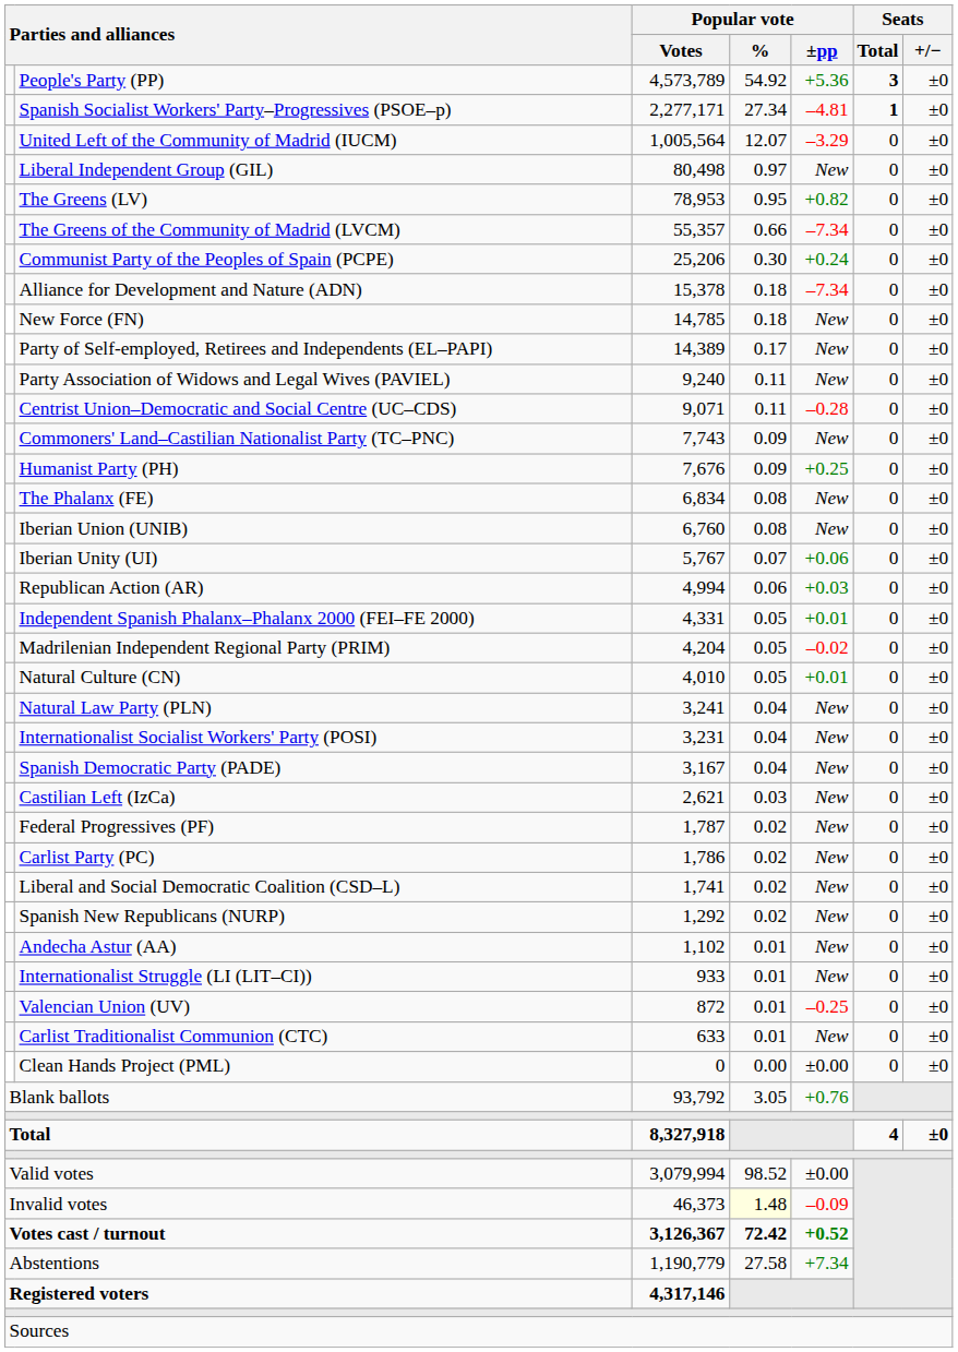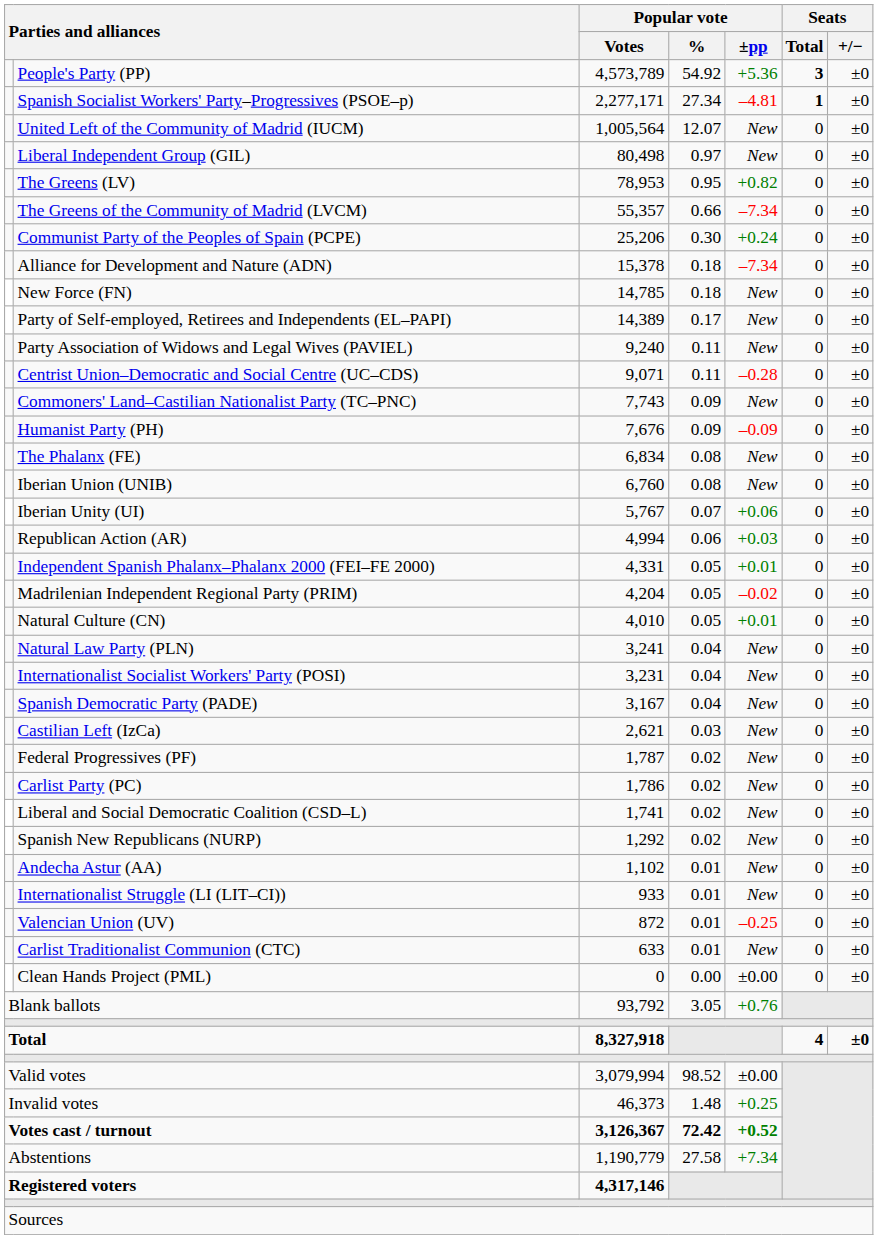 <table class="wikitable" style="text-align:right;">
 <tr>
 <th style="text-align:left;" rowspan="2" colspan="2" width="525">Parties and alliances</th>
 <th colspan="3">Popular vote</th>
 <th colspan="2">Seats</th>
 </tr>
 <tr>
 <th width="75">Votes</th>
 <th width="45">%</th>
 <th width="45">±<a href='#'>pp</a></th>
 <th width="35">Total</th>
 <th width="35">+/−</th>
 </tr>
 <tr>
 <td width="1" style="color:inherit;background:"></td>
 <td align="left"><a href='#'>People's Party</a> (PP)</td>
 <td>4,573,789</td>
 <td>54.92</td>
 <td style="color:green;">+5.36</td>
 <td><strong>3</strong></td>
 <td>±0</td>
 </tr>
 <tr>
 <td style="color:inherit;background:"></td>
 <td align="left"><a href='#'>Spanish Socialist Workers' Party</a>–<a href='#'>Progressives</a> (PSOE–p)</td>
 <td>2,277,171</td>
 <td>27.34</td>
 <td style="color:red;">–4.81</td>
 <td><strong>1</strong></td>
 <td>±0</td>
 </tr>
 <tr>
 <td style="color:inherit;background:"></td>
 <td align="left"><a href='#'>United Left of the Community of Madrid</a> (IUCM)</td>
 <td>1,005,564</td>
 <td>12.07</td>
-<td style="color:red;">–3.29</td>
+<td><em>New</em></td>
 <td>0</td>
 <td>±0</td>
 </tr>
 <tr>
 <td style="color:inherit;background:"></td>
 <td align="left"><a href='#'>Liberal Independent Group</a> (GIL)</td>
 <td>80,498</td>
 <td>0.97</td>
 <td><em>New</em></td>
 <td>0</td>
 <td>±0</td>
 </tr>
 <tr>
 <td style="color:inherit;background:"></td>
 <td align="left"><a href='#'>The Greens</a> (LV)</td>
 <td>78,953</td>
 <td>0.95</td>
 <td style="color:green;">+0.82</td>
 <td>0</td>
 <td>±0</td>
 </tr>
 <tr>
 <td style="color:inherit;background:"></td>
 <td align="left"><a href='#'>The Greens of the Community of Madrid</a> (LVCM)</td>
 <td>55,357</td>
 <td>0.66</td>
 <td style="color:red;">–7.34</td>
 <td>0</td>
 <td>±0</td>
 </tr>
 <tr>
 <td style="color:inherit;background:"></td>
 <td align="left"><a href='#'>Communist Party of the Peoples of Spain</a> (PCPE)</td>
 <td>25,206</td>
 <td>0.30</td>
 <td style="color:green;">+0.24</td>
 <td>0</td>
 <td>±0</td>
 </tr>
 <tr>
 <td style="color:inherit;background:"></td>
 <td align="left">Alliance for Development and Nature (ADN)</td>
 <td>15,378</td>
 <td>0.18</td>
 <td style="color:red;">–7.34</td>
 <td>0</td>
 <td>±0</td>
 </tr>
 <tr>
 <td bgcolor="white"></td>
 <td align="left">New Force (FN)</td>
 <td>14,785</td>
 <td>0.18</td>
 <td><em>New</em></td>
 <td>0</td>
 <td>±0</td>
 </tr>
 <tr>
 <td bgcolor="white"></td>
 <td align="left">Party of Self-employed, Retirees and Independents (EL–PAPI)</td>
 <td>14,389</td>
 <td>0.17</td>
 <td><em>New</em></td>
 <td>0</td>
 <td>±0</td>
 </tr>
 <tr>
 <td style="color:inherit;background:"></td>
 <td align="left">Party Association of Widows and Legal Wives (PAVIEL)</td>
 <td>9,240</td>
 <td>0.11</td>
 <td><em>New</em></td>
 <td>0</td>
 <td>±0</td>
 </tr>
 <tr>
 <td style="color:inherit;background:"></td>
 <td align="left"><a href='#'>Centrist Union–Democratic and Social Centre</a> (UC–CDS)</td>
 <td>9,071</td>
 <td>0.11</td>
 <td style="color:red;">–0.28</td>
 <td>0</td>
 <td>±0</td>
 </tr>
 <tr>
 <td style="color:inherit;background:"></td>
 <td align="left"><a href='#'>Commoners' Land–Castilian Nationalist Party</a> (TC–PNC)</td>
 <td>7,743</td>
 <td>0.09</td>
 <td><em>New</em></td>
 <td>0</td>
 <td>±0</td>
 </tr>
 <tr>
 <td style="color:inherit;background:"></td>
 <td align="left"><a href='#'>Humanist Party</a> (PH)</td>
 <td>7,676</td>
 <td>0.09</td>
-<td style="color:green;">+0.25</td>
+<td style="color:red;">–0.09</td>
 <td>0</td>
 <td>±0</td>
 </tr>
 <tr>
 <td style="color:inherit;background:"></td>
 <td align="left"><a href='#'>The Phalanx</a> (FE)</td>
 <td>6,834</td>
 <td>0.08</td>
 <td><em>New</em></td>
 <td>0</td>
 <td>±0</td>
 </tr>
 <tr>
 <td style="color:inherit;background:"></td>
 <td align="left">Iberian Union (UNIB)</td>
 <td>6,760</td>
 <td>0.08</td>
 <td><em>New</em></td>
 <td>0</td>
 <td>±0</td>
 </tr>
 <tr>
 <td bgcolor="white"></td>
 <td align="left">Iberian Unity (UI)</td>
 <td>5,767</td>
 <td>0.07</td>
 <td style="color:green;">+0.06</td>
 <td>0</td>
 <td>±0</td>
 </tr>
 <tr>
 <td style="color:inherit;background:"></td>
 <td align="left">Republican Action (AR)</td>
 <td>4,994</td>
 <td>0.06</td>
 <td style="color:green;">+0.03</td>
 <td>0</td>
 <td>±0</td>
 </tr>
 <tr>
 <td style="color:inherit;background:"></td>
 <td align="left"><a href='#'>Independent Spanish Phalanx–Phalanx 2000</a> (FEI–FE 2000)</td>
 <td>4,331</td>
 <td>0.05</td>
 <td style="color:green;">+0.01</td>
 <td>0</td>
 <td>±0</td>
 </tr>
 <tr>
 <td style="color:inherit;background:"></td>
 <td align="left">Madrilenian Independent Regional Party (PRIM)</td>
 <td>4,204</td>
 <td>0.05</td>
 <td style="color:red;">–0.02</td>
 <td>0</td>
 <td>±0</td>
 </tr>
 <tr>
 <td style="color:inherit;background:"></td>
 <td align="left">Natural Culture (CN)</td>
 <td>4,010</td>
 <td>0.05</td>
 <td style="color:green;">+0.01</td>
 <td>0</td>
 <td>±0</td>
 </tr>
 <tr>
 <td style="color:inherit;background:"></td>
 <td align="left"><a href='#'>Natural Law Party</a> (PLN)</td>
 <td>3,241</td>
 <td>0.04</td>
 <td><em>New</em></td>
 <td>0</td>
 <td>±0</td>
 </tr>
 <tr>
 <td style="color:inherit;background:"></td>
 <td align="left"><a href='#'>Internationalist Socialist Workers' Party</a> (POSI)</td>
 <td>3,231</td>
 <td>0.04</td>
 <td><em>New</em></td>
 <td>0</td>
 <td>±0</td>
 </tr>
 <tr>
 <td style="color:inherit;background:"></td>
 <td align="left"><a href='#'>Spanish Democratic Party</a> (PADE)</td>
 <td>3,167</td>
 <td>0.04</td>
 <td><em>New</em></td>
 <td>0</td>
 <td>±0</td>
 </tr>
 <tr>
 <td style="color:inherit;background:"></td>
 <td align="left"><a href='#'>Castilian Left</a> (IzCa)</td>
 <td>2,621</td>
 <td>0.03</td>
 <td><em>New</em></td>
 <td>0</td>
 <td>±0</td>
 </tr>
 <tr>
 <td style="color:inherit;background:"></td>
 <td align="left">Federal Progressives (PF)</td>
 <td>1,787</td>
 <td>0.02</td>
 <td><em>New</em></td>
 <td>0</td>
 <td>±0</td>
 </tr>
 <tr>
 <td style="color:inherit;background:"></td>
 <td align="left"><a href='#'>Carlist Party</a> (PC)</td>
 <td>1,786</td>
 <td>0.02</td>
 <td><em>New</em></td>
 <td>0</td>
 <td>±0</td>
 </tr>
 <tr>
 <td bgcolor="white"></td>
 <td align="left">Liberal and Social Democratic Coalition (CSD–L)</td>
 <td>1,741</td>
 <td>0.02</td>
 <td><em>New</em></td>
 <td>0</td>
 <td>±0</td>
 </tr>
 <tr>
 <td bgcolor="white"></td>
 <td align="left">Spanish New Republicans (NURP)</td>
 <td>1,292</td>
 <td>0.02</td>
 <td><em>New</em></td>
 <td>0</td>
 <td>±0</td>
 </tr>
 <tr>
 <td style="color:inherit;background:"></td>
 <td align="left"><a href='#'>Andecha Astur</a> (AA)</td>
 <td>1,102</td>
 <td>0.01</td>
 <td><em>New</em></td>
 <td>0</td>
 <td>±0</td>
 </tr>
 <tr>
 <td style="color:inherit;background:"></td>
 <td align="left"><a href='#'>Internationalist Struggle</a> (LI (LIT–CI))</td>
 <td>933</td>
 <td>0.01</td>
 <td><em>New</em></td>
 <td>0</td>
 <td>±0</td>
 </tr>
 <tr>
 <td style="color:inherit;background:"></td>
 <td align="left"><a href='#'>Valencian Union</a> (UV)</td>
 <td>872</td>
 <td>0.01</td>
 <td style="color:red;">–0.25</td>
 <td>0</td>
 <td>±0</td>
 </tr>
 <tr>
 <td style="color:inherit;background:"></td>
 <td align="left"><a href='#'>Carlist Traditionalist Communion</a> (CTC)</td>
 <td>633</td>
 <td>0.01</td>
 <td><em>New</em></td>
 <td>0</td>
 <td>±0</td>
 </tr>
 <tr>
 <td bgcolor="white"></td>
 <td align="left">Clean Hands Project (PML)</td>
 <td>0</td>
 <td>0.00</td>
 <td>±0.00</td>
 <td>0</td>
 <td>±0</td>
 </tr>
 <tr>
 <td align="left" colspan="2">Blank ballots</td>
 <td>93,792</td>
 <td>3.05</td>
 <td style="color:green;">+0.76</td>
 <td bgcolor="#E9E9E9" colspan="2"></td>
 </tr>
 <tr>
 <td colspan="7" bgcolor="#E9E9E9"></td>
 </tr>
 <tr style="font-weight:bold;">
 <td align="left" colspan="2">Total</td>
 <td>8,327,918</td>
 <td bgcolor="#E9E9E9" colspan="2"></td>
 <td>4</td>
 <td>±0</td>
 </tr>
 <tr>
 <td colspan="7" bgcolor="#E9E9E9"></td>
 </tr>
 <tr>
 <td align="left" colspan="2">Valid votes</td>
 <td>3,079,994</td>
 <td>98.52</td>
 <td>±0.00</td>
 <td bgcolor="#E9E9E9" colspan="2" rowspan="5"></td>
 </tr>
 <tr>
 <td align="left" colspan="2">Invalid votes</td>
 <td>46,373</td>
-<td style="background: lightyellow;">1.48</td>
-<td style="color:red;">–0.09</td>
+<td>1.48</td>
+<td style="color:green;">+0.25</td>
 </tr>
 <tr style="font-weight:bold;">
 <td align="left" colspan="2">Votes cast / turnout</td>
 <td>3,126,367</td>
 <td>72.42</td>
 <td style="color:green;">+0.52</td>
 </tr>
 <tr>
 <td align="left" colspan="2">Abstentions</td>
 <td>1,190,779</td>
 <td>27.58</td>
 <td style="color:green;">+7.34</td>
 </tr>
 <tr style="font-weight:bold;">
 <td align="left" colspan="2">Registered voters</td>
 <td>4,317,146</td>
 <td bgcolor="#E9E9E9" colspan="2"></td>
 </tr>
 <tr>
 <td colspan="7" bgcolor="#E9E9E9"></td>
 </tr>
 <tr>
 <td align="left" colspan="7">Sources</td>
 </tr>
 </table>
